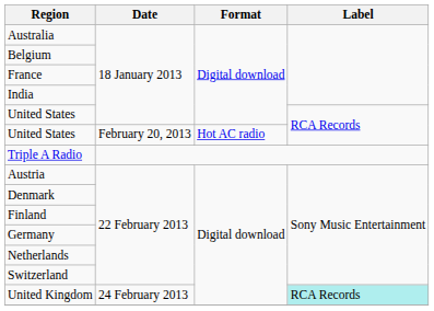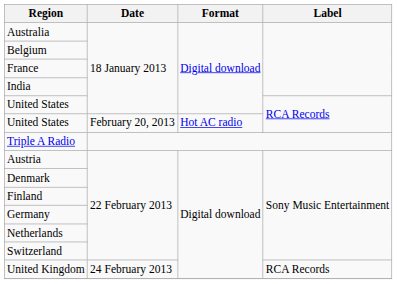 <table class=wikitable>
 <tr>
 <th scope="col">Region</th>
 <th scope="col">Date</th>
 <th scope="col">Format</th>
 <th scope="col">Label</th>
 </tr>
 <tr>
 <td>Australia</td>
 <td rowspan="5">18 January 2013</td>
 <td rowspan="5"><a href='#'>Digital download</a></td>
 <td rowspan="4"></td>
 </tr>
 <tr>
 <td>Belgium</td>
 </tr>
 <tr>
 <td>France</td>
 </tr>
 <tr>
 <td>India</td>
 </tr>
 <tr>
 <td>United States</td>
 <td rowspan="3"><a href='#'>RCA Records</a></td>
 </tr>
 <tr>
 <td rowspan="2">United States</td>
 <td rowspan="2">February 20, 2013</td>
 <td><a href='#'>Hot AC radio</a></td>
 </tr>
 <tr>
 </tr>
 <tr>
 <td><a href='#'>Triple A Radio</a></td>
 </tr>
 <tr>
 <td>Austria</td>
 <td rowspan="6">22 February 2013</td>
 <td rowspan="7">Digital download</td>
 <td rowspan="6">Sony Music Entertainment</td>
 </tr>
 <tr>
 <td>Denmark</td>
 </tr>
 <tr>
 <td>Finland</td>
 </tr>
 <tr>
 <td>Germany</td>
 </tr>
 <tr>
 <td>Netherlands</td>
 </tr>
 <tr>
 <td>Switzerland</td>
 </tr>
 <tr>
 <td>United Kingdom</td>
 <td>24 February 2013</td>
-<td style="background: paleturquoise;">RCA Records</td>
+<td>RCA Records</td>
 </tr>
 <tr>
 </tr>
 </table>
